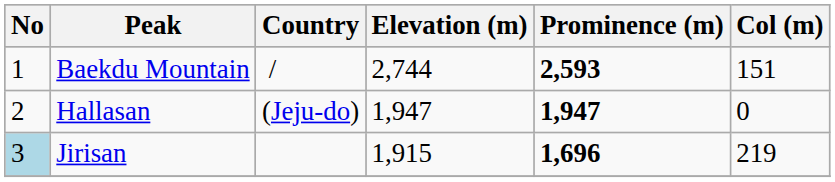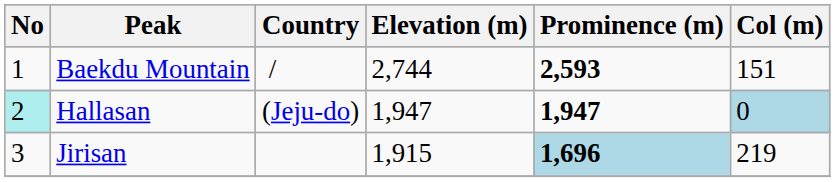 <table class="wikitable sortable">
 <tr>
 <th>No</th>
 <th>Peak</th>
 <th>Country</th>
 <th>Elevation (m)</th>
 <th>Prominence (m)</th>
 <th>Col (m)</th>
 </tr>
 <tr>
 <td>1</td>
 <td><a href='#'>Baekdu Mountain</a></td>
 <td> / </td>
 <td>2,744</td>
 <td><strong>2,593</strong></td>
 <td>151</td>
 </tr>
 <tr>
-<td>2</td>
+<td style="background: paleturquoise;">2</td>
 <td><a href='#'>Hallasan</a></td>
 <td> (<a href='#'>Jeju-do</a>)</td>
 <td>1,947</td>
 <td><strong>1,947</strong></td>
-<td>0</td>
+<td style="background: lightblue;">0</td>
 </tr>
 <tr>
-<td style="background: lightblue;">3</td>
+<td>3</td>
 <td><a href='#'>Jirisan</a></td>
 <td></td>
 <td>1,915</td>
-<td><strong>1,696</strong></td>
+<td style="background: lightblue;"><strong>1,696</strong></td>
 <td>219</td>
 </tr>
 <tr>
 </tr>
 </table>
